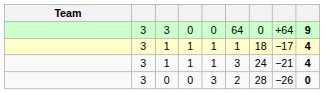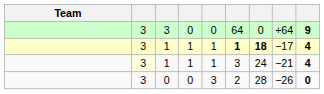 <table class="wikitable" style="text-align: center; font-size: 90%;">
 <tr>
 <th width=165>Team</th>
 <th width=25></th>
 <th width=25></th>
 <th width=25></th>
 <th width=25></th>
 <th width=25></th>
 <th width=25></th>
 <th width=25></th>
 <th width=25></th>
 </tr>
 <tr style="background:#ccffcc">
 <td style="text-align:left;"></td>
 <td>3</td>
 <td>3</td>
 <td>0</td>
 <td>0</td>
 <td>64</td>
 <td>0</td>
 <td>+64</td>
 <td><strong>9</strong></td>
 </tr>
 <tr style="background:#ffffcc">
 <td style="text-align:left;"></td>
 <td>3</td>
 <td>1</td>
 <td>1</td>
 <td>1</td>
-<td>1</td>
-<td>18</td>
+<td><strong>1</strong></td>
+<td><strong>18</strong></td>
 <td>−17</td>
 <td><strong>4</strong></td>
 </tr>
 <tr>
 <td style="text-align:left;"></td>
-<td>3</td>
+<td style="background: lightyellow;">3</td>
 <td>1</td>
 <td>1</td>
 <td>1</td>
 <td>3</td>
 <td>24</td>
 <td>−21</td>
 <td><strong>4</strong></td>
 </tr>
 <tr>
 <td style="text-align:left;"></td>
 <td>3</td>
 <td>0</td>
 <td>0</td>
 <td>3</td>
 <td>2</td>
 <td>28</td>
 <td>−26</td>
 <td><strong>0</strong></td>
 </tr>
 </table>
